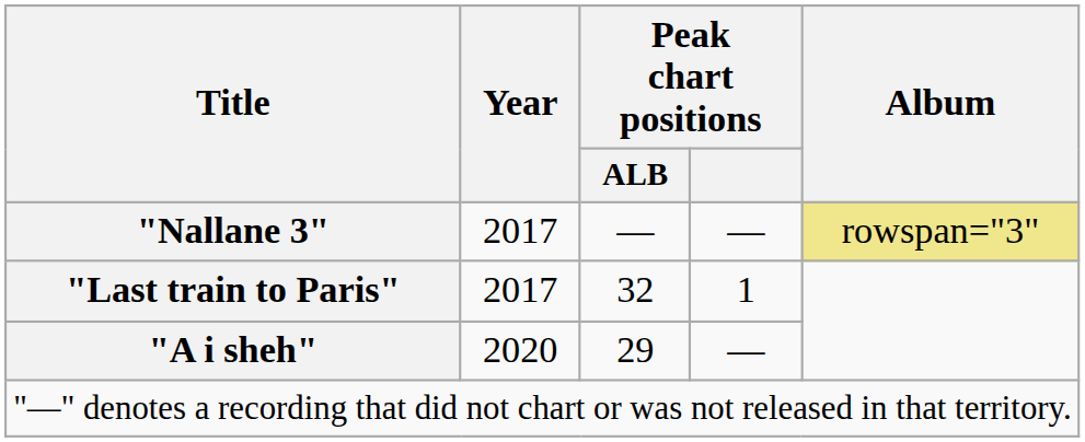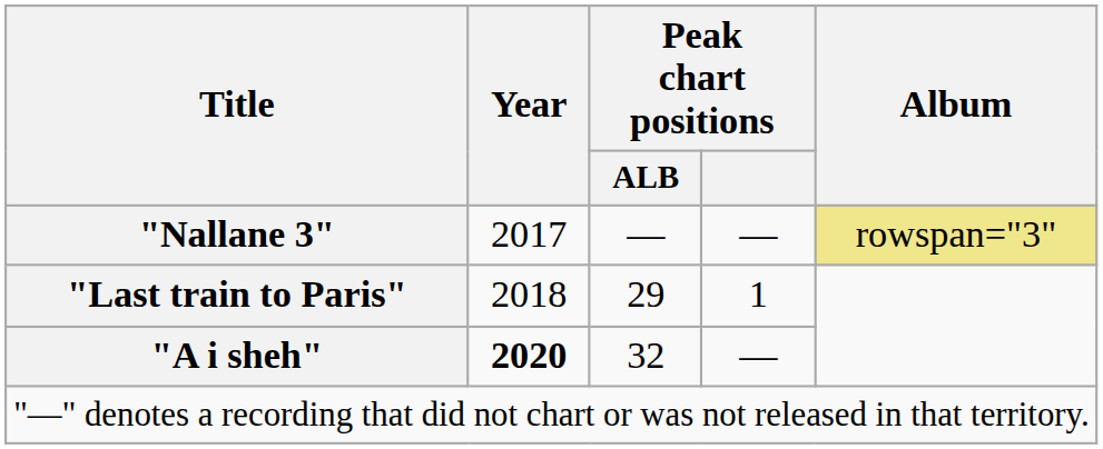 <table class="wikitable plainrowheaders" style="text-align:center;">
 <tr>
 <th scope="col" rowspan="2">Title</th>
 <th scope="col" rowspan="2">Year</th>
 <th scope="col" colspan="2">Peak<br>chart positions</th>
 <th scope="col" rowspan="2">Album</th>
 </tr>
 <tr>
 <th style="width:3em; font-size:85%;">ALB<br></th>
 <th style="width:3em; font-size:85%;"><a href='#'></a><br></th>
 </tr>
 <tr>
 <th scope="row">"Nallane 3"<br></th>
 <td>2017</td>
 <td>—</td>
 <td>—</td>
 <td style="background: khaki;">rowspan="3" </td>
 </tr>
 <tr>
 <th scope="row">"Last train to Paris"<br></th>
-<td>2017</td>
-<td>32</td>
+<td>2018</td>
+<td>29</td>
 <td>1</td>
 </tr>
 <tr>
 <th scope="row">"A i sheh"<br></th>
-<td>2020</td>
-<td>29</td>
+<td><strong>2020</strong></td>
+<td>32</td>
 <td>—</td>
 </tr>
 <tr>
 <td colspan="11" style="font-size:90%">"—" denotes a recording that did not chart or was not released in that territory.</td>
 </tr>
 </table>
